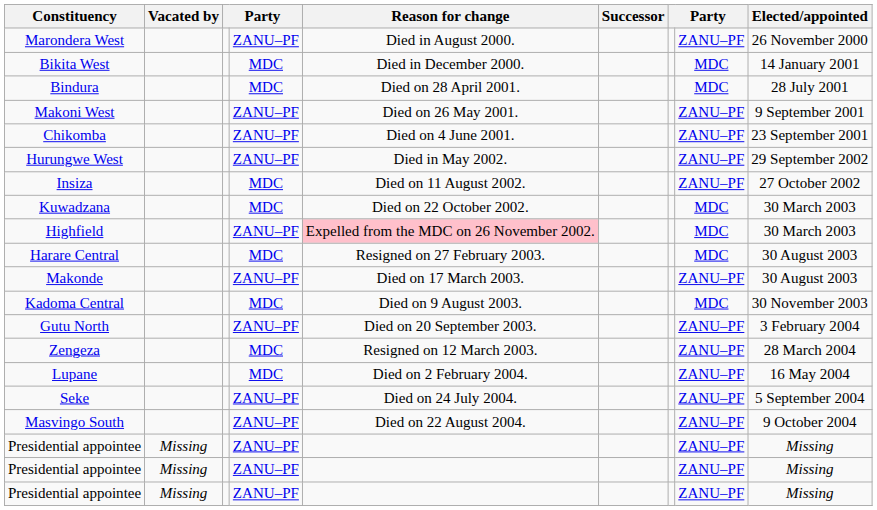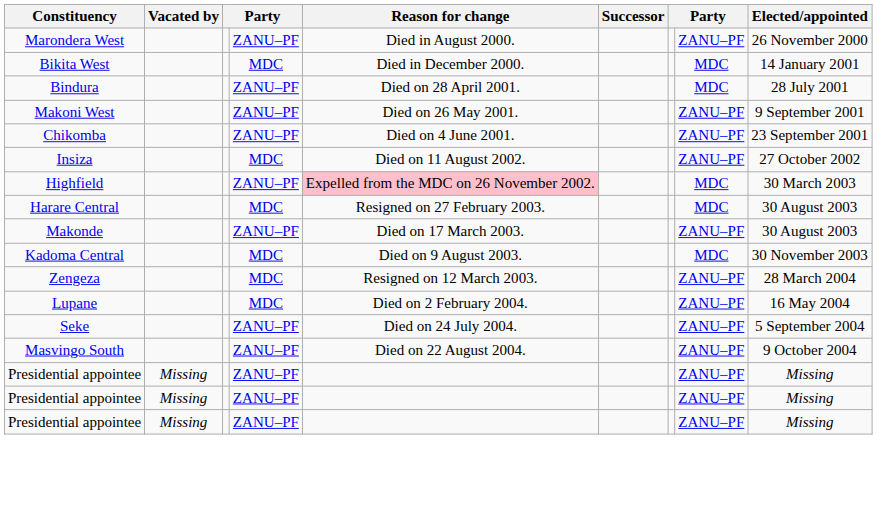 <table class="wikitable sortable" style="text-align:center">
 <tr>
 <th>Constituency</th>
 <th>Vacated by</th>
 <th colspan="2">Party</th>
 <th>Reason for change</th>
 <th>Successor</th>
 <th colspan="2">Party</th>
 <th>Elected/appointed</th>
 </tr>
 <tr>
 <td><a href='#'>Marondera West</a></td>
 <td></td>
 <td style="background-color: "></td>
 <td><a href='#'>ZANU–PF</a></td>
 <td>Died in August 2000.</td>
 <td></td>
 <td style="background-color: "></td>
 <td><a href='#'>ZANU–PF</a></td>
 <td>26 November 2000</td>
 </tr>
 <tr>
 <td><a href='#'>Bikita West</a></td>
 <td></td>
 <td style="background-color: "></td>
 <td><a href='#'>MDC</a></td>
 <td>Died in December 2000.</td>
 <td></td>
 <td style="background-color: "></td>
 <td><a href='#'>MDC</a></td>
 <td>14 January 2001</td>
 </tr>
 <tr>
 <td><a href='#'>Bindura</a></td>
 <td></td>
 <td style="background-color: "></td>
-<td><a href='#'>MDC</a></td>
+<td><a href='#'>ZANU–PF</a></td>
 <td>Died on 28 April 2001.</td>
 <td></td>
 <td style="background-color: "></td>
 <td><a href='#'>MDC</a></td>
 <td>28 July 2001</td>
 </tr>
 <tr>
 <td><a href='#'>Makoni West</a></td>
 <td></td>
 <td style="background-color: "></td>
 <td><a href='#'>ZANU–PF</a></td>
 <td>Died on 26 May 2001.</td>
 <td></td>
 <td style="background-color: "></td>
 <td><a href='#'>ZANU–PF</a></td>
 <td>9 September 2001</td>
 </tr>
 <tr>
 <td><a href='#'>Chikomba</a></td>
 <td></td>
 <td style="background-color: "></td>
 <td><a href='#'>ZANU–PF</a></td>
 <td>Died on 4 June 2001.</td>
 <td></td>
 <td style="background-color: "></td>
 <td><a href='#'>ZANU–PF</a></td>
 <td>23 September 2001</td>
 </tr>
 <tr>
-<td><a href='#'>Hurungwe West</a></td>
-<td></td>
-<td style="background-color: "></td>
-<td><a href='#'>ZANU–PF</a></td>
-<td>Died in May 2002.</td>
-<td></td>
-<td style="background-color: "></td>
-<td><a href='#'>ZANU–PF</a></td>
-<td>29 September 2002</td>
-</tr>
-<tr>
 <td><a href='#'>Insiza</a></td>
 <td></td>
 <td style="background-color: "></td>
 <td><a href='#'>MDC</a></td>
 <td>Died on 11 August 2002.</td>
 <td></td>
 <td style="background-color: "></td>
 <td><a href='#'>ZANU–PF</a></td>
 <td>27 October 2002</td>
-</tr>
-<tr>
-<td><a href='#'>Kuwadzana</a></td>
-<td></td>
-<td style="background-color: "></td>
-<td><a href='#'>MDC</a></td>
-<td>Died on 22 October 2002.</td>
-<td></td>
-<td style="background-color: "></td>
-<td><a href='#'>MDC</a></td>
-<td>30 March 2003</td>
 </tr>
 <tr>
 <td><a href='#'>Highfield</a></td>
 <td></td>
 <td style="background-color: "></td>
 <td><a href='#'>ZANU–PF</a></td>
 <td style="background: pink;">Expelled from the MDC on 26 November 2002.</td>
 <td></td>
 <td style="background-color: "></td>
 <td><a href='#'>MDC</a></td>
 <td>30 March 2003</td>
 </tr>
 <tr>
 <td><a href='#'>Harare Central</a></td>
 <td></td>
 <td style="background-color: "></td>
 <td><a href='#'>MDC</a></td>
 <td>Resigned on 27 February 2003.</td>
 <td></td>
 <td style="background-color: "></td>
 <td><a href='#'>MDC</a></td>
 <td>30 August 2003</td>
 </tr>
 <tr>
 <td><a href='#'>Makonde</a></td>
 <td></td>
 <td style="background-color: "></td>
 <td><a href='#'>ZANU–PF</a></td>
 <td>Died on 17 March 2003.</td>
 <td></td>
 <td style="background-color: "></td>
 <td><a href='#'>ZANU–PF</a></td>
 <td>30 August 2003</td>
 </tr>
 <tr>
 <td><a href='#'>Kadoma Central</a></td>
 <td></td>
 <td style="background-color: "></td>
 <td><a href='#'>MDC</a></td>
 <td>Died on 9 August 2003.</td>
 <td></td>
 <td style="background-color: "></td>
 <td><a href='#'>MDC</a></td>
 <td>30 November 2003</td>
-</tr>
-<tr>
-<td><a href='#'>Gutu North</a></td>
-<td></td>
-<td style="background-color: "></td>
-<td><a href='#'>ZANU–PF</a></td>
-<td>Died on 20 September 2003.</td>
-<td></td>
-<td style="background-color: "></td>
-<td><a href='#'>ZANU–PF</a></td>
-<td>3 February 2004</td>
 </tr>
 <tr>
 <td><a href='#'>Zengeza</a></td>
 <td></td>
 <td style="background-color: "></td>
 <td><a href='#'>MDC</a></td>
 <td>Resigned on 12 March 2003.</td>
 <td></td>
 <td style="background-color: "></td>
 <td><a href='#'>ZANU–PF</a></td>
 <td>28 March 2004</td>
 </tr>
 <tr>
 <td><a href='#'>Lupane</a></td>
 <td></td>
 <td style="background-color: "></td>
 <td><a href='#'>MDC</a></td>
 <td>Died on 2 February 2004.</td>
 <td></td>
 <td style="background-color: "></td>
 <td><a href='#'>ZANU–PF</a></td>
 <td>16 May 2004</td>
 </tr>
 <tr>
 <td><a href='#'>Seke</a></td>
 <td></td>
 <td style="background-color: "></td>
 <td><a href='#'>ZANU–PF</a></td>
 <td>Died on 24 July 2004.</td>
 <td></td>
 <td style="background-color: "></td>
 <td><a href='#'>ZANU–PF</a></td>
 <td>5 September 2004</td>
 </tr>
 <tr>
 <td><a href='#'>Masvingo South</a></td>
 <td></td>
 <td style="background-color: "></td>
 <td><a href='#'>ZANU–PF</a></td>
 <td>Died on 22 August 2004.</td>
 <td></td>
 <td style="background-color: "></td>
 <td><a href='#'>ZANU–PF</a></td>
 <td>9 October 2004</td>
 </tr>
 <tr>
 <td>Presidential appointee</td>
 <td><em>Missing</em></td>
 <td style="background-color: "></td>
 <td><a href='#'>ZANU–PF</a></td>
 <td></td>
 <td></td>
 <td style="background-color: "></td>
 <td><a href='#'>ZANU–PF</a></td>
 <td><em>Missing</em></td>
 </tr>
 <tr>
 <td>Presidential appointee</td>
 <td><em>Missing</em></td>
 <td style="background-color: "></td>
 <td><a href='#'>ZANU–PF</a></td>
 <td></td>
 <td></td>
 <td style="background-color: "></td>
 <td><a href='#'>ZANU–PF</a></td>
 <td><em>Missing</em></td>
 </tr>
 <tr>
 <td>Presidential appointee</td>
 <td><em>Missing</em></td>
 <td style="background-color: "></td>
 <td><a href='#'>ZANU–PF</a></td>
 <td></td>
 <td></td>
 <td style="background-color: "></td>
 <td><a href='#'>ZANU–PF</a></td>
 <td><em>Missing</em></td>
 </tr>
 </table>
